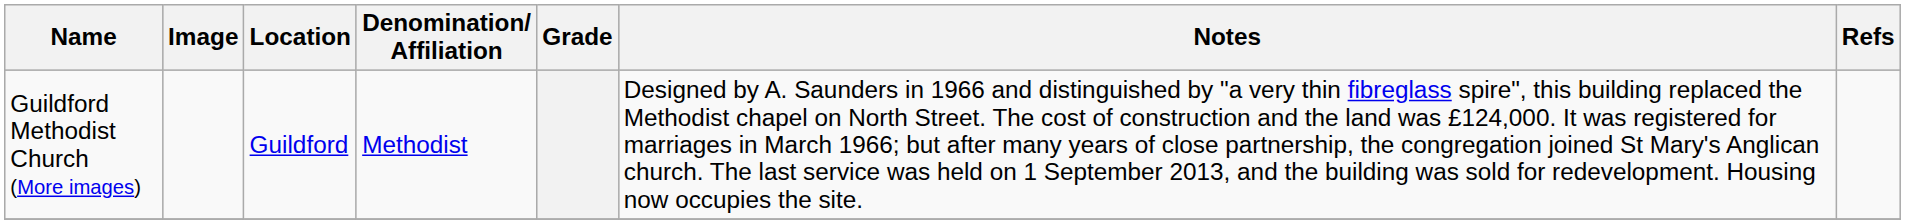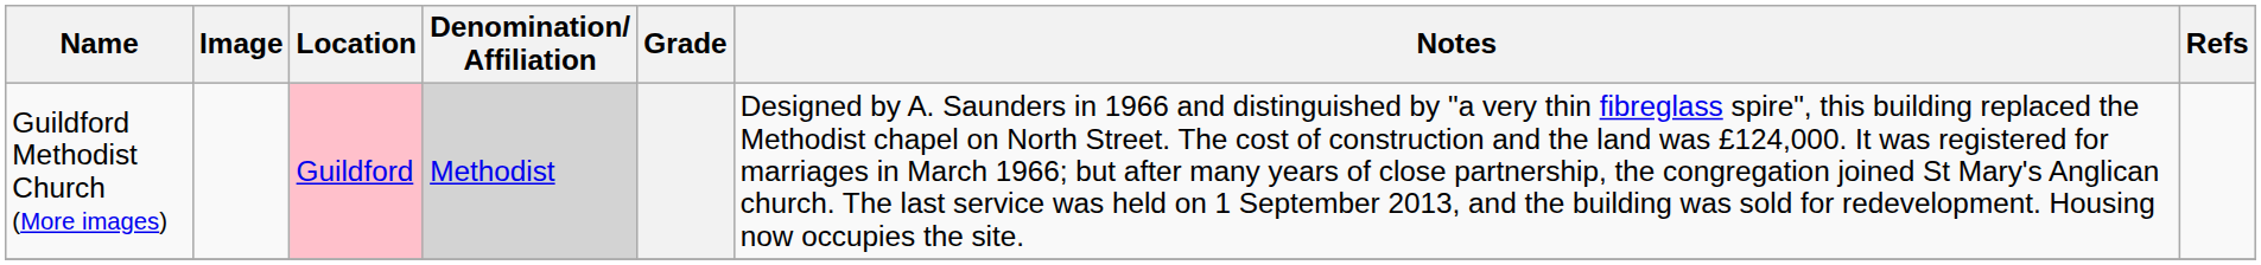 <table class="wikitable sortable">
 <tr>
 <th align="center">Name</th>
 <th align="center" class="unsortable">Image</th>
 <th align="center">Location</th>
 <th align="center">Denomination/<br>Affiliation</th>
 <th align="center">Grade</th>
 <th align="center" class="unsortable">Notes</th>
 <th align="center" class="unsortable">Refs</th>
 </tr>
 <tr>
 <td>Guildford Methodist Church<br><small>(<a href='#'>More images</a>)</small></td>
 <td></td>
-<td><a href='#'>Guildford</a><br></td>
-<td><a href='#'>Methodist</a></td>
+<td style="background: pink;"><a href='#'>Guildford</a><br></td>
+<td style="background: lightgrey;"><a href='#'>Methodist</a></td>
 <th align="center"></th>
 <td>Designed by A. Saunders in 1966 and distinguished by "a very thin <a href='#'>fibreglass</a> spire", this building replaced the Methodist chapel on North Street.  The cost of construction and the land was £124,000.  It was registered for marriages in March 1966; but after many years of close partnership, the congregation joined St Mary's Anglican church.  The last service was held on 1 September 2013, and the building was sold for redevelopment.  Housing now occupies the site.</td>
 <td><br><br></td>
 </tr>
 <tr>
 </tr>
 </table>
